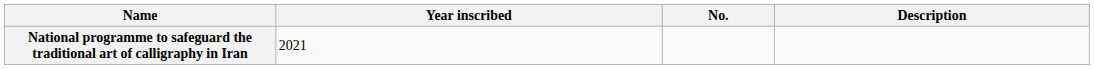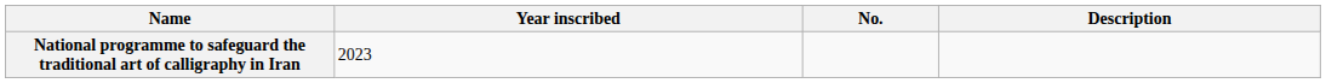 <table class="wikitable sortable plainrowheaders">
 <tr>
 <th style="width:25%">Name</th>
 <th>Year inscribed</th>
 <th>No.</th>
 <th class="unsortable">Description</th>
 </tr>
 <tr>
 <th scope="row">National programme to safeguard the traditional art of calligraphy in Iran</th>
-<td>2021</td>
+<td>2023</td>
 <td></td>
 <td></td>
 </tr>
 </table>
